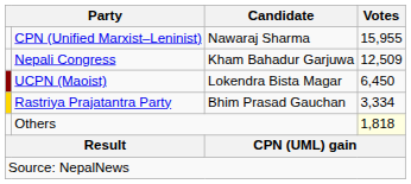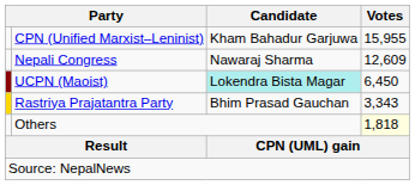 <table class="wikitable">
 <tr>
 <th colspan="2">Party</th>
 <th>Candidate</th>
 <th>Votes</th>
 </tr>
 <tr>
 <td style="background-color:"></td>
 <td><a href='#'>CPN (Unified Marxist–Leninist)</a></td>
-<td>Nawaraj Sharma</td>
+<td>Kham Bahadur Garjuwa</td>
 <td>15,955</td>
 </tr>
 <tr>
 <td style="background-color:"></td>
 <td><a href='#'>Nepali Congress</a></td>
-<td>Kham Bahadur Garjuwa</td>
-<td>12,509</td>
+<td>Nawaraj Sharma</td>
+<td>12,609</td>
 </tr>
 <tr>
 <td style="background-color:darkred"></td>
 <td><a href='#'>UCPN (Maoist)</a></td>
-<td>Lokendra Bista Magar</td>
+<td style="background: paleturquoise;">Lokendra Bista Magar</td>
 <td>6,450</td>
 </tr>
 <tr>
 <td style="background-color:gold"></td>
 <td><a href='#'>Rastriya Prajatantra Party</a></td>
 <td>Bhim Prasad Gauchan</td>
-<td>3,334</td>
+<td>3,343</td>
 </tr>
 <tr>
 <td></td>
 <td colspan="2">Others</td>
 <td style="background: lightyellow;">1,818</td>
 </tr>
 <tr>
 <th colspan="2">Result</th>
 <th colspan="2">CPN (UML) gain</th>
 </tr>
 <tr>
 <td colspan="4">Source: NepalNews</td>
 </tr>
 </table>
